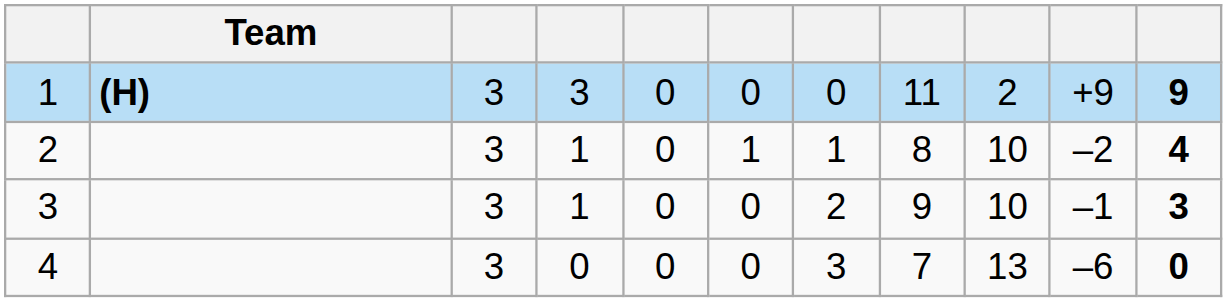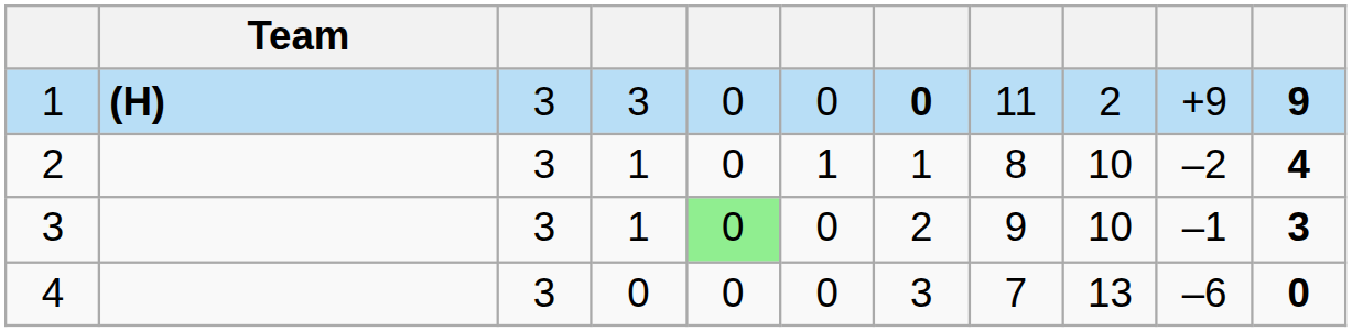 <table class="wikitable" style="text-align: center; font-size: 100%;">
 <tr>
 <th width="30"></th>
 <th width="150">Team</th>
 <th width="30"></th>
 <th width="30"></th>
 <th width="30"></th>
 <th width="30"></th>
 <th width="30"></th>
 <th width="30"></th>
 <th width="30"></th>
 <th width="30"></th>
 <th width="30"></th>
 </tr>
 <tr style="background-color: #b8def6;">
 <td>1</td>
 <td align=left> <strong>(H)</strong></td>
 <td>3</td>
 <td>3</td>
 <td>0</td>
 <td>0</td>
-<td>0</td>
+<td><strong>0</strong></td>
 <td>11</td>
 <td>2</td>
 <td>+9</td>
 <td><strong>9</strong></td>
 </tr>
 <tr>
 <td>2</td>
 <td align=left></td>
 <td>3</td>
 <td>1</td>
 <td>0</td>
 <td>1</td>
 <td>1</td>
 <td>8</td>
 <td>10</td>
 <td>–2</td>
 <td><strong>4</strong></td>
 </tr>
 <tr>
 <td>3</td>
 <td align=left></td>
 <td>3</td>
 <td>1</td>
-<td>0</td>
+<td style="background: lightgreen;">0</td>
 <td>0</td>
 <td>2</td>
 <td>9</td>
 <td>10</td>
 <td>–1</td>
 <td><strong>3</strong></td>
 </tr>
 <tr>
 <td>4</td>
 <td align=left></td>
 <td>3</td>
 <td>0</td>
 <td>0</td>
 <td>0</td>
 <td>3</td>
 <td>7</td>
 <td>13</td>
 <td>–6</td>
 <td><strong>0</strong></td>
 </tr>
 </table>
